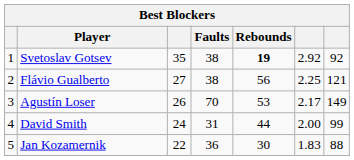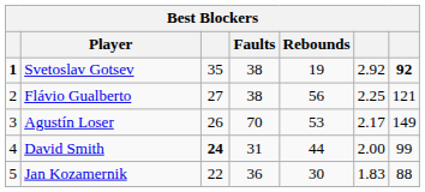 <table class="wikitable sortable" style=font-size:90%>
 <tr>
 <th colspan=7>Best Blockers</th>
 </tr>
 <tr>
 <th></th>
 <th width=158>Player</th>
 <th width=20></th>
 <th width=20>Faults</th>
 <th width=20>Rebounds</th>
 <th width=20></th>
 <th width=20></th>
 </tr>
 <tr>
-<td>1</td>
+<td><strong>1</strong></td>
 <td> <a href='#'>Svetoslav Gotsev</a></td>
 <td align=center>35</td>
 <td align=center>38</td>
-<td align=center><strong>19</strong></td>
+<td align=center>19</td>
 <td align=center>2.92</td>
-<td align=center>92</td>
+<td align=center><strong>92</strong></td>
 </tr>
 <tr>
 <td>2</td>
 <td> <a href='#'>Flávio Gualberto</a></td>
 <td align=center>27</td>
 <td align=center>38</td>
 <td align=center>56</td>
 <td align=center>2.25</td>
 <td align=center>121</td>
 </tr>
 <tr>
 <td>3</td>
 <td> <a href='#'>Agustín Loser</a></td>
 <td align=center>26</td>
 <td align=center>70</td>
 <td align=center>53</td>
 <td align=center>2.17</td>
 <td align=center>149</td>
 </tr>
 <tr>
 <td>4</td>
 <td> <a href='#'>David Smith</a></td>
-<td align=center>24</td>
+<td align=center><strong>24</strong></td>
 <td align=center>31</td>
 <td align=center>44</td>
 <td align=center>2.00</td>
 <td align=center>99</td>
 </tr>
 <tr>
 <td>5</td>
 <td> <a href='#'>Jan Kozamernik</a></td>
 <td align=center>22</td>
 <td align=center>36</td>
 <td align=center>30</td>
 <td align=center>1.83</td>
 <td align=center>88</td>
 </tr>
 </table>
